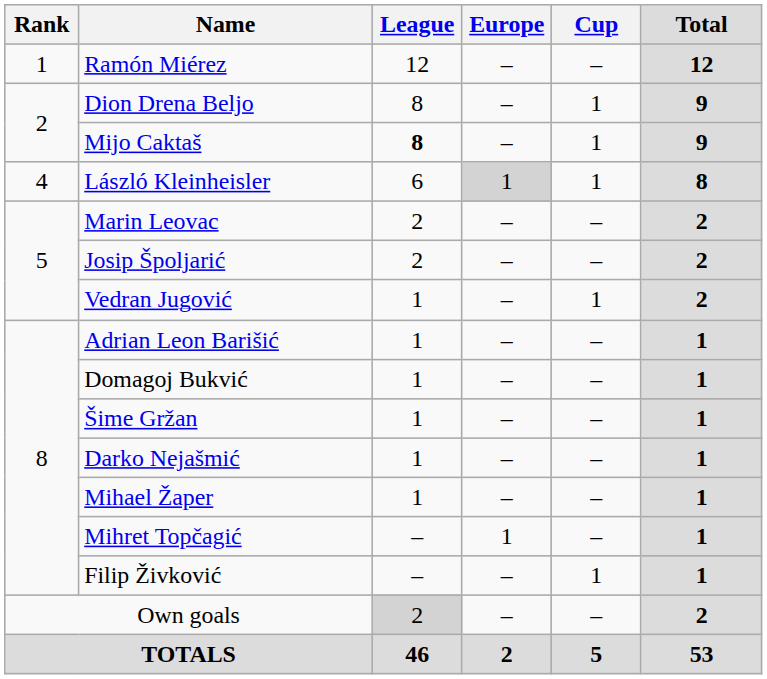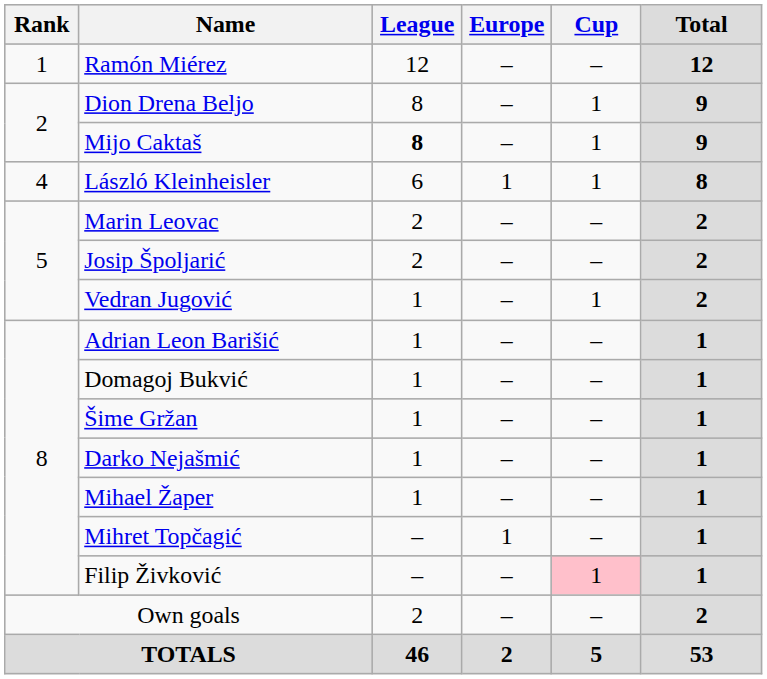 <table class="wikitable" style="font-size: 95%; text-align: center;">
 <tr>
 <th width=40>Rank</th>
 <th width=180>Name</th>
 <th width=50><a href='#'>League</a></th>
 <th width=50><a href='#'>Europe</a></th>
 <th width=50><a href='#'>Cup</a></th>
 <th width=70 style="background: #DCDCDC">Total</th>
 </tr>
 <tr>
 <td>1</td>
 <td style="text-align:left;"> <a href='#'>Ramón Miérez</a></td>
 <td>12</td>
 <td>–</td>
 <td>–</td>
 <th style="background: #DCDCDC">12</th>
 </tr>
 <tr>
 <td rowspan=2>2</td>
 <td style="text-align:left;"> <a href='#'>Dion Drena Beljo</a></td>
 <td>8</td>
 <td>–</td>
 <td>1</td>
 <th style="background: #DCDCDC">9</th>
 </tr>
 <tr>
 <td style="text-align:left;"> <a href='#'>Mijo Caktaš</a></td>
 <td><strong>8</strong></td>
 <td>–</td>
 <td>1</td>
 <th style="background: #DCDCDC">9</th>
 </tr>
 <tr>
 <td>4</td>
 <td style="text-align:left;"> <a href='#'>László Kleinheisler</a></td>
 <td>6</td>
-<td style="background: lightgrey;">1</td>
+<td>1</td>
 <td>1</td>
 <th style="background: #DCDCDC">8</th>
 </tr>
 <tr>
 <td rowspan=3>5</td>
 <td style="text-align:left;"> <a href='#'>Marin Leovac</a></td>
 <td>2</td>
 <td>–</td>
 <td>–</td>
 <th style="background: #DCDCDC">2</th>
 </tr>
 <tr>
 <td style="text-align:left;"> <a href='#'>Josip Špoljarić</a></td>
 <td>2</td>
 <td>–</td>
 <td>–</td>
 <th style="background: #DCDCDC">2</th>
 </tr>
 <tr>
 <td style="text-align:left;"> <a href='#'>Vedran Jugović</a></td>
 <td>1</td>
 <td>–</td>
 <td>1</td>
 <th style="background: #DCDCDC">2</th>
 </tr>
 <tr>
 <td rowspan=7>8</td>
 <td style="text-align:left;"> <a href='#'>Adrian Leon Barišić</a></td>
 <td>1</td>
 <td>–</td>
 <td>–</td>
 <th style="background: #DCDCDC">1</th>
 </tr>
 <tr>
 <td style="text-align:left;"> Domagoj Bukvić</td>
 <td>1</td>
 <td>–</td>
 <td>–</td>
 <th style="background: #DCDCDC">1</th>
 </tr>
 <tr>
 <td style="text-align:left;"> <a href='#'>Šime Gržan</a></td>
 <td>1</td>
 <td>–</td>
 <td>–</td>
 <th style="background: #DCDCDC">1</th>
 </tr>
 <tr>
 <td style="text-align:left;"> <a href='#'>Darko Nejašmić</a></td>
 <td>1</td>
 <td>–</td>
 <td>–</td>
 <th style="background: #DCDCDC">1</th>
 </tr>
 <tr>
 <td style="text-align:left;"> <a href='#'>Mihael Žaper</a></td>
 <td>1</td>
 <td>–</td>
 <td>–</td>
 <th style="background: #DCDCDC">1</th>
 </tr>
 <tr>
 <td style="text-align:left;"> <a href='#'>Mihret Topčagić</a></td>
 <td>–</td>
 <td>1</td>
 <td>–</td>
 <th style="background: #DCDCDC">1</th>
 </tr>
 <tr>
 <td style="text-align:left;"> Filip Živković</td>
 <td>–</td>
 <td>–</td>
-<td>1</td>
+<td style="background: pink;">1</td>
 <th style="background: #DCDCDC">1</th>
 </tr>
 <tr>
 <td colspan=2 style="text-align:center;">Own goals</td>
-<td style="background: lightgrey;">2</td>
+<td>2</td>
 <td>–</td>
 <td>–</td>
 <th style="background: #DCDCDC">2</th>
 </tr>
 <tr>
 <th colspan="2" align="center" style="background: #DCDCDC">TOTALS</th>
 <th style="background: #DCDCDC">46</th>
 <th style="background: #DCDCDC">2</th>
 <th style="background: #DCDCDC">5</th>
 <th style="background: #DCDCDC">53</th>
 </tr>
 </table>
